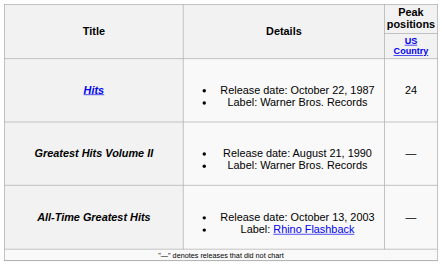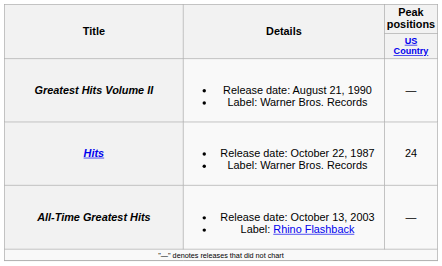 <table class="wikitable plainrowheaders" style="text-align:center;">
 <tr>
 <th rowspan="2" style="width:16em;">Title</th>
 <th rowspan="2" style="width:18em;">Details</th>
 <th>Peak positions</th>
 </tr>
 <tr style="font-size:smaller;">
 <th width="65"><a href='#'>US<br>Country</a><br></th>
 </tr>
 <tr>
+<th scope="row"><em>Greatest Hits Volume II</em></th>
+<td><br><ul><li>Release date: August 21, 1990</li><li>Label: Warner Bros. Records</li></ul></td>
+<td>—</td>
+</tr>
+<tr>
 <th scope="row"><em><a href='#'>Hits</a></em></th>
 <td><br><ul><li>Release date: October 22, 1987</li><li>Label: Warner Bros. Records</li></ul></td>
 <td>24</td>
-</tr>
-<tr>
-<th scope="row"><em>Greatest Hits Volume II</em></th>
-<td><br><ul><li>Release date: August 21, 1990</li><li>Label: Warner Bros. Records</li></ul></td>
-<td>—</td>
 </tr>
 <tr>
 <th scope="row"><em>All-Time Greatest Hits</em></th>
 <td><br><ul><li>Release date: October 13, 2003</li><li>Label: <a href='#'>Rhino Flashback</a></li></ul></td>
 <td>—</td>
 </tr>
 <tr>
 <td colspan="3" style="font-size:8pt">"—" denotes releases that did not chart</td>
 </tr>
 <tr>
 </tr>
 </table>
